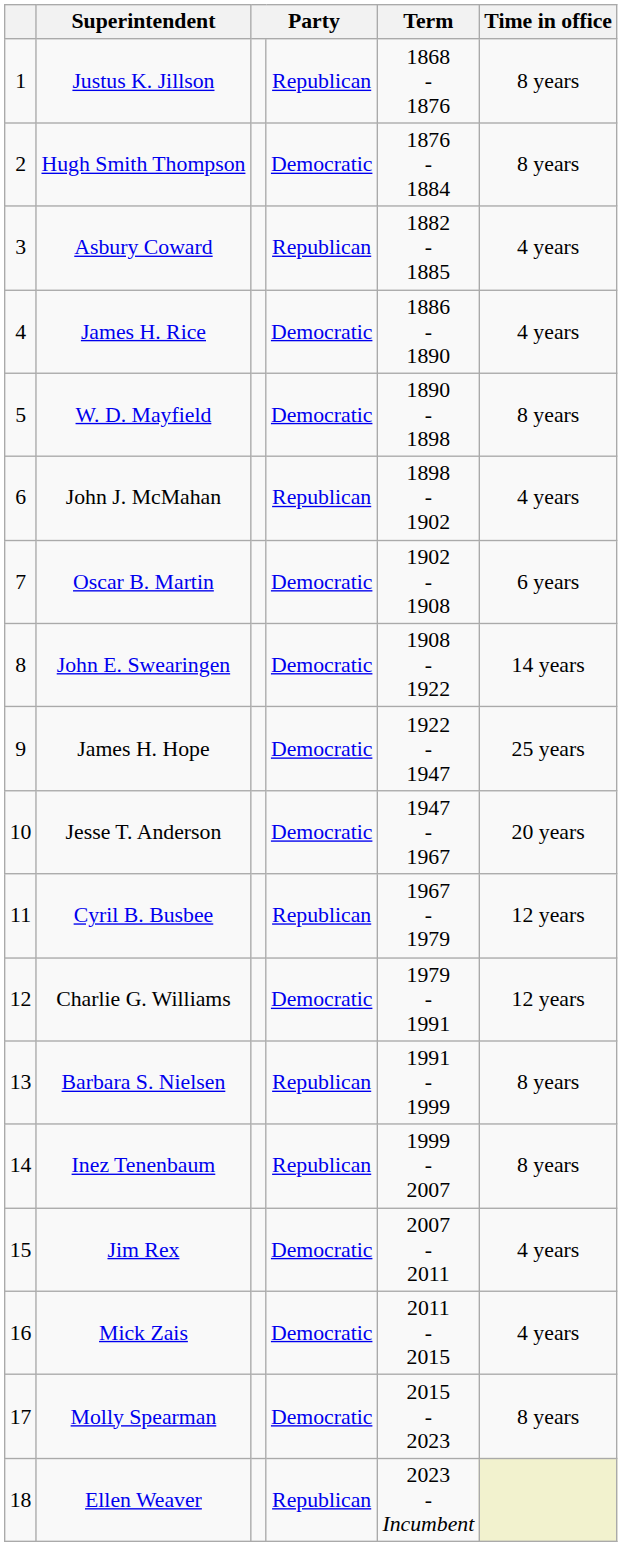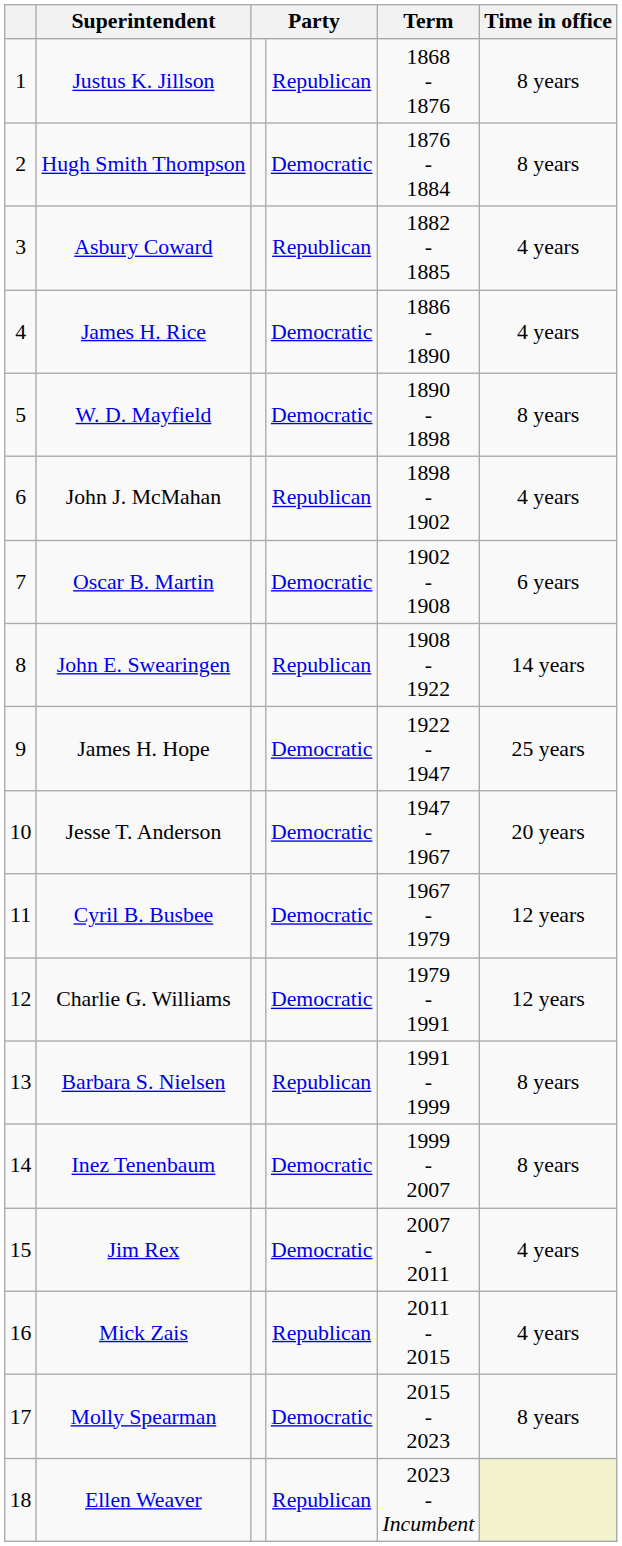 <table class="wikitable sortable" style="text-align: center;">
 <tr>
 <th scope="col" data-sort-type="number"></th>
 <th scope="col">Superintendent</th>
 <th scope="col" colspan="2">Party</th>
 <th>Term</th>
 <th scope="col">Time in office</th>
 </tr>
 <tr style="height:2em;">
 <td>1</td>
 <td><a href='#'>Justus K. Jillson</a></td>
 <td style="background:"> </td>
 <td><a href='#'>Republican</a></td>
 <td>1868<br>-<br>1876</td>
 <td>8 years</td>
 </tr>
 <tr style="height:2em;">
 <td>2</td>
 <td><a href='#'>Hugh Smith Thompson</a></td>
 <td style="background:"> </td>
 <td><a href='#'>Democratic</a></td>
 <td>1876<br>-<br>1884</td>
 <td>8 years</td>
 </tr>
 <tr style="height:2em;">
 <td>3</td>
 <td><a href='#'>Asbury Coward</a></td>
 <td style="background:"> </td>
 <td><a href='#'>Republican</a></td>
 <td>1882<br>-<br>1885</td>
 <td>4 years</td>
 </tr>
 <tr style="height:2em;">
 <td>4</td>
 <td><a href='#'>James H. Rice</a></td>
 <td style="background:"> </td>
 <td><a href='#'>Democratic</a></td>
 <td>1886<br>-<br>1890</td>
 <td>4 years</td>
 </tr>
 <tr style="height:2em;">
 <td>5</td>
 <td><a href='#'>W. D. Mayfield </a></td>
 <td style="background:"> </td>
 <td><a href='#'>Democratic</a></td>
 <td>1890<br>-<br>1898</td>
 <td>8 years</td>
 </tr>
 <tr style="height:2em;">
 <td>6</td>
 <td>John J. McMahan</td>
 <td style="background:"> </td>
 <td><a href='#'>Republican</a></td>
 <td>1898<br>-<br>1902</td>
 <td>4 years</td>
 </tr>
 <tr style="height:2em;">
 <td>7</td>
 <td><a href='#'>Oscar B. Martin</a></td>
 <td style="background:"> </td>
 <td><a href='#'>Democratic</a></td>
 <td>1902<br>-<br>1908</td>
 <td>6 years</td>
 </tr>
 <tr style="height:2em;">
 <td>8</td>
 <td><a href='#'>John E. Swearingen</a></td>
 <td style="background:"> </td>
-<td><a href='#'>Democratic</a></td>
+<td><a href='#'>Republican</a></td>
 <td>1908<br>-<br>1922</td>
 <td>14 years</td>
 </tr>
 <tr style="height:2em;">
 <td>9</td>
 <td>James H. Hope</td>
 <td style="background:"> </td>
 <td><a href='#'>Democratic</a></td>
 <td>1922<br>-<br>1947</td>
 <td>25 years</td>
 </tr>
 <tr style="height:2em;">
 <td>10</td>
 <td>Jesse T. Anderson</td>
 <td style="background:"> </td>
 <td><a href='#'>Democratic</a></td>
 <td>1947<br>-<br>1967</td>
 <td>20 years</td>
 </tr>
 <tr>
 <td>11</td>
 <td><a href='#'>Cyril B. Busbee</a></td>
 <td style="background:"> </td>
-<td><a href='#'>Republican</a></td>
+<td><a href='#'>Democratic</a></td>
 <td>1967<br>-<br>1979</td>
 <td>12 years</td>
 </tr>
 <tr>
 <td>12</td>
 <td>Charlie G. Williams</td>
 <td style="background:"> </td>
 <td><a href='#'>Democratic</a></td>
 <td>1979<br>-<br>1991</td>
 <td>12 years</td>
 </tr>
 <tr>
 <td>13</td>
 <td><a href='#'>Barbara S. Nielsen</a></td>
 <td style="background:"> </td>
 <td><a href='#'>Republican</a></td>
 <td>1991<br>-<br>1999</td>
 <td>8 years</td>
 </tr>
 <tr>
 <td>14</td>
 <td><a href='#'>Inez Tenenbaum</a></td>
 <td style="background:"> </td>
-<td><a href='#'>Republican</a></td>
+<td><a href='#'>Democratic</a></td>
 <td>1999<br>-<br>2007</td>
 <td>8 years</td>
 </tr>
 <tr>
 <td>15</td>
 <td><a href='#'>Jim Rex</a></td>
 <td style="background:"> </td>
 <td><a href='#'>Democratic</a></td>
 <td>2007<br>-<br>2011</td>
 <td>4 years</td>
 </tr>
 <tr>
 <td>16</td>
 <td><a href='#'>Mick Zais</a></td>
 <td style="background:"> </td>
-<td><a href='#'>Democratic</a></td>
+<td><a href='#'>Republican</a></td>
 <td>2011<br>-<br>2015</td>
 <td>4 years</td>
 </tr>
 <tr>
 <td>17</td>
 <td><a href='#'>Molly Spearman</a></td>
 <td style="background:"> </td>
 <td><a href='#'>Democratic</a></td>
 <td>2015<br>-<br>2023</td>
 <td>8 years</td>
 </tr>
 <tr>
 <td>18</td>
 <td><a href='#'>Ellen Weaver</a></td>
 <td style="background:"> </td>
 <td><a href='#'>Republican</a></td>
 <td>2023<br>-<br><em>Incumbent</em></td>
 <td bgcolor="#F2F2CE"></td>
 </tr>
 <tr>
 </tr>
 </table>
